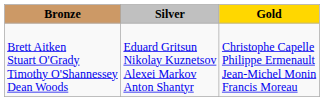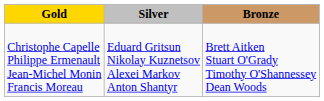 <table class="wikitable">
 <tr>
+<td align=center bgcolor=gold> <strong>Gold</strong></td>
+<td align=center bgcolor=silver> <strong>Silver</strong></td>
 <td align=center bgcolor=cc9966> <strong>Bronze</strong></td>
-<td align=center bgcolor=silver> <strong>Silver</strong></td>
-<td align=center bgcolor=gold> <strong>Gold</strong></td>
 </tr>
 <tr>
+<td><br><a href='#'>Christophe Capelle</a><br><a href='#'>Philippe Ermenault</a><br><a href='#'>Jean-Michel Monin</a><br><a href='#'>Francis Moreau</a></td>
+<td><br><a href='#'>Eduard Gritsun</a><br><a href='#'>Nikolay Kuznetsov</a><br><a href='#'>Alexei Markov</a><br><a href='#'>Anton Shantyr</a></td>
 <td><br><a href='#'>Brett Aitken</a><br><a href='#'>Stuart O'Grady</a><br><a href='#'>Timothy O'Shannessey</a><br><a href='#'>Dean Woods</a></td>
-<td><br><a href='#'>Eduard Gritsun</a><br><a href='#'>Nikolay Kuznetsov</a><br><a href='#'>Alexei Markov</a><br><a href='#'>Anton Shantyr</a></td>
-<td><br><a href='#'>Christophe Capelle</a><br><a href='#'>Philippe Ermenault</a><br><a href='#'>Jean-Michel Monin</a><br><a href='#'>Francis Moreau</a></td>
 </tr>
 </table>
